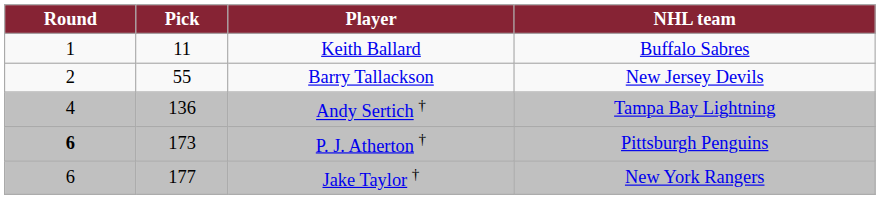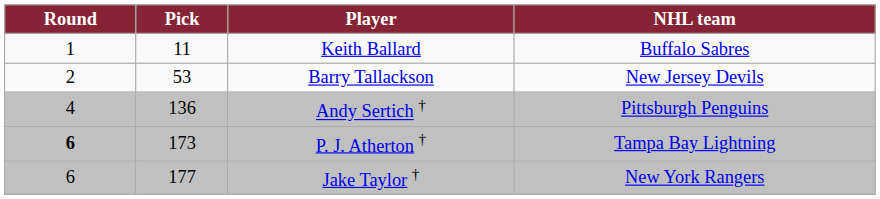 <table class="wikitable" width="60%">
 <tr>
 <th style="color:white; background:#862334; ">Round</th>
 <th style="color:white; background:#862334; ">Pick</th>
 <th style="color:white; background:#862334; ">Player</th>
 <th style="color:white; background:#862334; ">NHL team</th>
 </tr>
 <tr align="center" bgcolor="">
 <td>1</td>
 <td>11</td>
 <td><a href='#'>Keith Ballard</a></td>
 <td><a href='#'>Buffalo Sabres</a></td>
 </tr>
 <tr align="center" bgcolor="">
 <td>2</td>
-<td>55</td>
+<td>53</td>
 <td><a href='#'>Barry Tallackson</a></td>
 <td><a href='#'>New Jersey Devils</a></td>
 </tr>
 <tr align="center" bgcolor="C0C0C0">
 <td>4</td>
 <td>136</td>
 <td><a href='#'>Andy Sertich</a> <sup>†</sup></td>
-<td><a href='#'>Tampa Bay Lightning</a></td>
+<td><a href='#'>Pittsburgh Penguins</a></td>
 </tr>
 <tr align="center" bgcolor="C0C0C0">
 <td><strong>6</strong></td>
 <td>173</td>
 <td><a href='#'>P. J. Atherton</a> <sup>†</sup></td>
-<td><a href='#'>Pittsburgh Penguins</a></td>
+<td><a href='#'>Tampa Bay Lightning</a></td>
 </tr>
 <tr align="center" bgcolor="C0C0C0">
 <td>6</td>
 <td>177</td>
 <td><a href='#'>Jake Taylor</a> <sup>†</sup></td>
 <td><a href='#'>New York Rangers</a></td>
 </tr>
 </table>
